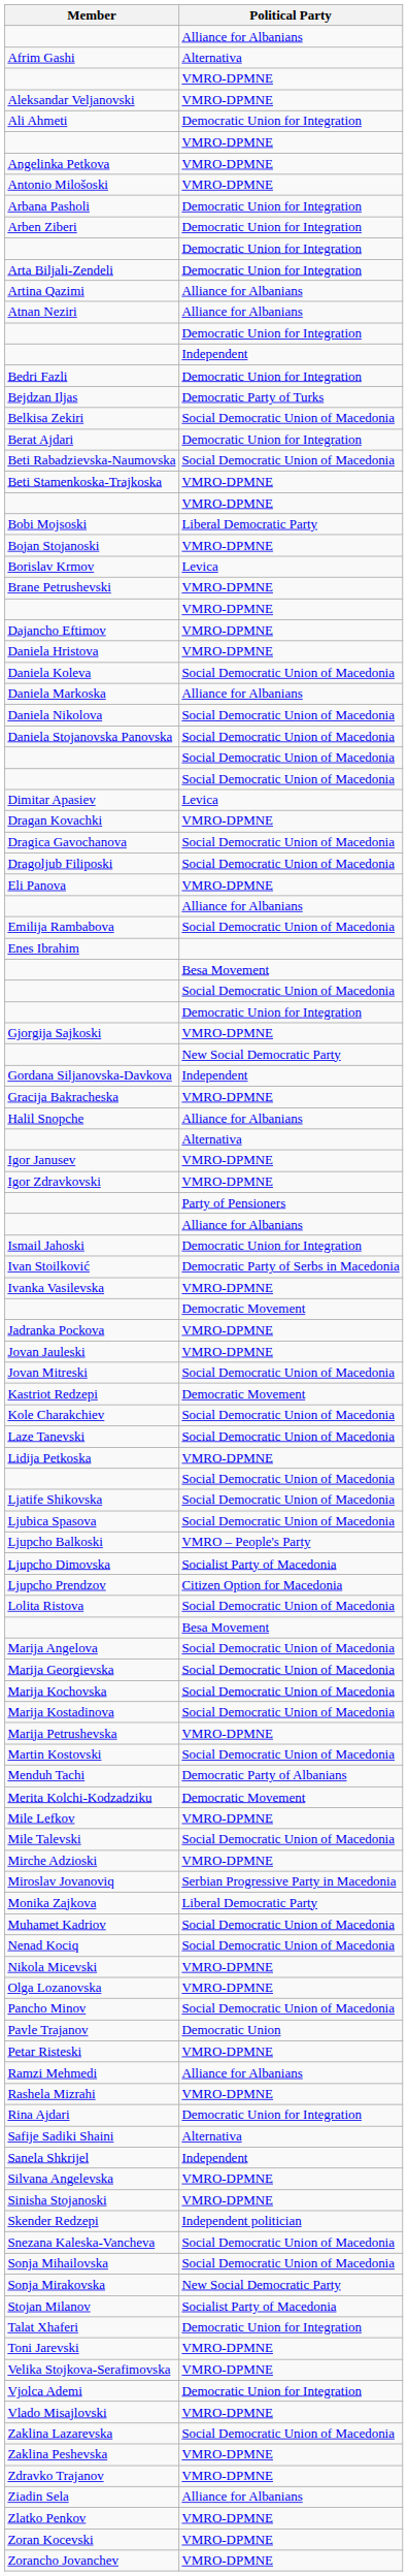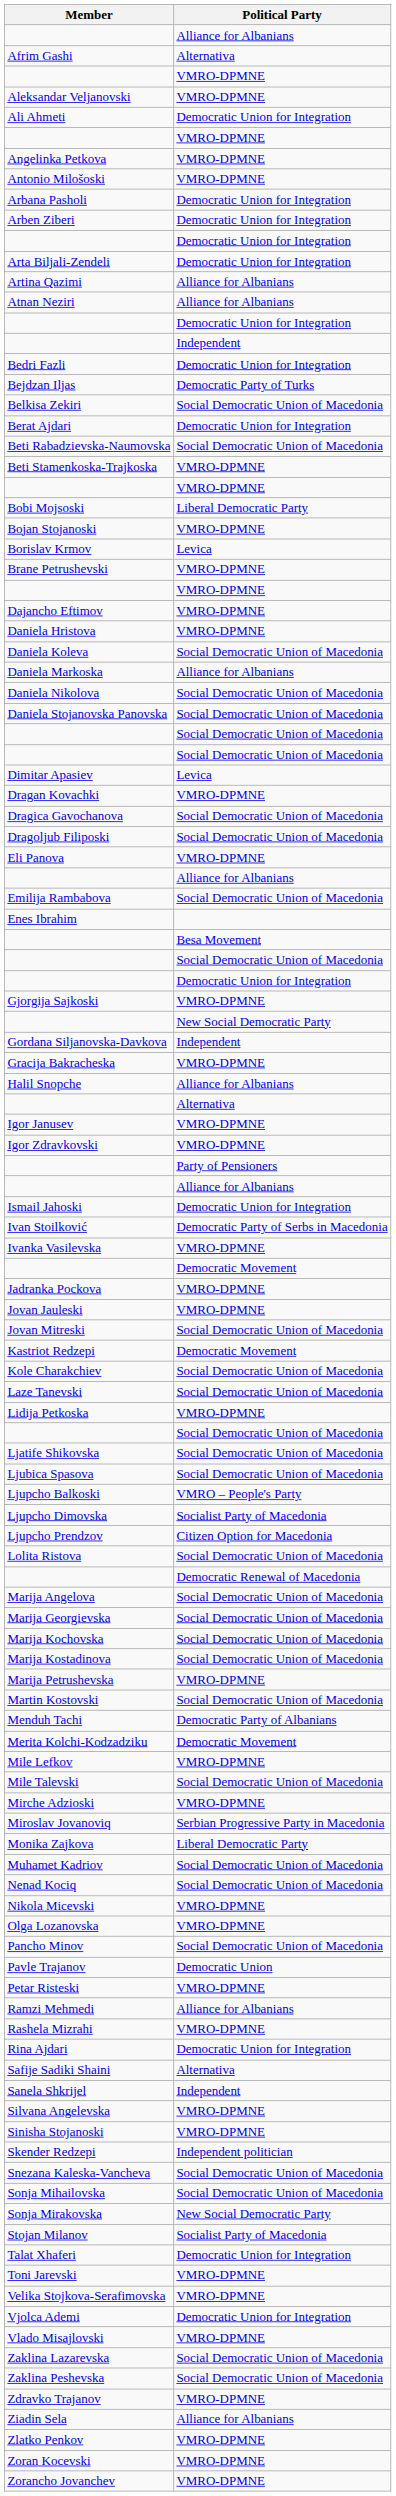 <table class="wikitable sortable" style="font-size:100%">
 <tr>
 <th>Member</th>
 <th>Political Party</th>
 </tr>
 <tr>
 <td></td>
 <td><a href='#'>Alliance for Albanians</a></td>
 </tr>
 <tr>
 <td><a href='#'>Afrim Gashi</a></td>
 <td><a href='#'>Alternativa</a></td>
 </tr>
 <tr>
 <td></td>
 <td><a href='#'>VMRO-DPMNE</a></td>
 </tr>
 <tr>
 <td><a href='#'>Aleksandar Veljanovski</a></td>
 <td><a href='#'>VMRO-DPMNE</a></td>
 </tr>
 <tr>
 <td><a href='#'>Ali Ahmeti</a></td>
 <td><a href='#'>Democratic Union for Integration</a></td>
 </tr>
 <tr>
 <td></td>
 <td><a href='#'>VMRO-DPMNE</a></td>
 </tr>
 <tr>
 <td><a href='#'>Angelinka Petkova</a></td>
 <td><a href='#'>VMRO-DPMNE</a></td>
 </tr>
 <tr>
 <td><a href='#'>Antonio Milošoski</a></td>
 <td><a href='#'>VMRO-DPMNE</a></td>
 </tr>
 <tr>
 <td><a href='#'>Arbana Pasholi</a></td>
 <td><a href='#'>Democratic Union for Integration</a></td>
 </tr>
 <tr>
 <td><a href='#'>Arben Ziberi</a></td>
 <td><a href='#'>Democratic Union for Integration</a></td>
 </tr>
 <tr>
 <td></td>
 <td><a href='#'>Democratic Union for Integration</a></td>
 </tr>
 <tr>
 <td><a href='#'>Arta Biljali-Zendeli</a></td>
 <td><a href='#'>Democratic Union for Integration</a></td>
 </tr>
 <tr>
 <td><a href='#'>Artina Qazimi</a></td>
 <td><a href='#'>Alliance for Albanians</a></td>
 </tr>
 <tr>
 <td><a href='#'>Atnan Neziri</a></td>
 <td><a href='#'>Alliance for Albanians</a></td>
 </tr>
 <tr>
 <td></td>
 <td><a href='#'>Democratic Union for Integration</a></td>
 </tr>
 <tr>
 <td></td>
 <td><a href='#'>Independent</a></td>
 </tr>
 <tr>
 <td><a href='#'>Bedri Fazli</a></td>
 <td><a href='#'>Democratic Union for Integration</a></td>
 </tr>
 <tr>
 <td><a href='#'>Bejdzan Iljas</a></td>
 <td><a href='#'>Democratic Party of Turks</a></td>
 </tr>
 <tr>
 <td><a href='#'>Belkisa Zekiri</a></td>
 <td><a href='#'>Social Democratic Union of Macedonia</a></td>
 </tr>
 <tr>
 <td><a href='#'>Berat Ajdari</a></td>
 <td><a href='#'>Democratic Union for Integration</a></td>
 </tr>
 <tr>
 <td><a href='#'>Beti Rabadzievska-Naumovska</a></td>
 <td><a href='#'>Social Democratic Union of Macedonia</a></td>
 </tr>
 <tr>
 <td><a href='#'>Beti Stamenkoska-Trajkoska</a></td>
 <td><a href='#'>VMRO-DPMNE</a></td>
 </tr>
 <tr>
 <td></td>
 <td><a href='#'>VMRO-DPMNE</a></td>
 </tr>
 <tr>
 <td><a href='#'>Bobi Mojsoski</a></td>
 <td><a href='#'>Liberal Democratic Party</a></td>
 </tr>
 <tr>
 <td><a href='#'>Bojan Stojanoski</a></td>
 <td><a href='#'>VMRO-DPMNE</a></td>
 </tr>
 <tr>
 <td><a href='#'>Borislav Krmov</a></td>
 <td><a href='#'>Levica</a></td>
 </tr>
 <tr>
 <td><a href='#'>Brane Petrushevski</a></td>
 <td><a href='#'>VMRO-DPMNE</a></td>
 </tr>
 <tr>
 <td></td>
 <td><a href='#'>VMRO-DPMNE</a></td>
 </tr>
 <tr>
 <td><a href='#'>Dajancho Eftimov</a></td>
 <td><a href='#'>VMRO-DPMNE</a></td>
 </tr>
 <tr>
 <td><a href='#'>Daniela Hristova</a></td>
 <td><a href='#'>VMRO-DPMNE</a></td>
 </tr>
 <tr>
 <td><a href='#'>Daniela Koleva</a></td>
 <td><a href='#'>Social Democratic Union of Macedonia</a></td>
 </tr>
 <tr>
 <td><a href='#'>Daniela Markoska</a></td>
 <td><a href='#'>Alliance for Albanians</a></td>
 </tr>
 <tr>
 <td><a href='#'>Daniela Nikolova</a></td>
 <td><a href='#'>Social Democratic Union of Macedonia</a></td>
 </tr>
 <tr>
 <td><a href='#'>Daniela Stojanovska Panovska</a></td>
 <td><a href='#'>Social Democratic Union of Macedonia</a></td>
 </tr>
 <tr>
 <td></td>
 <td><a href='#'>Social Democratic Union of Macedonia</a></td>
 </tr>
 <tr>
 <td></td>
 <td><a href='#'>Social Democratic Union of Macedonia</a></td>
 </tr>
 <tr>
 <td><a href='#'>Dimitar Apasiev</a></td>
 <td><a href='#'>Levica</a></td>
 </tr>
 <tr>
 <td><a href='#'>Dragan Kovachki</a></td>
 <td><a href='#'>VMRO-DPMNE</a></td>
 </tr>
 <tr>
 <td><a href='#'>Dragica Gavochanova</a></td>
 <td><a href='#'>Social Democratic Union of Macedonia</a></td>
 </tr>
 <tr>
 <td><a href='#'>Dragoljub Filiposki</a></td>
 <td><a href='#'>Social Democratic Union of Macedonia</a></td>
 </tr>
 <tr>
 <td><a href='#'>Eli Panova</a></td>
 <td><a href='#'>VMRO-DPMNE</a></td>
 </tr>
 <tr>
 <td></td>
 <td><a href='#'>Alliance for Albanians</a></td>
 </tr>
 <tr>
 <td><a href='#'>Emilija Rambabova</a></td>
 <td><a href='#'>Social Democratic Union of Macedonia</a></td>
 </tr>
 <tr>
 <td><a href='#'>Enes Ibrahim</a></td>
 <td></td>
 </tr>
 <tr>
 <td></td>
 <td><a href='#'>Besa Movement</a></td>
 </tr>
 <tr>
 <td></td>
 <td><a href='#'>Social Democratic Union of Macedonia</a></td>
 </tr>
 <tr>
 <td></td>
 <td><a href='#'>Democratic Union for Integration</a></td>
 </tr>
 <tr>
 <td><a href='#'>Gjorgija Sajkoski</a></td>
 <td><a href='#'>VMRO-DPMNE</a></td>
 </tr>
 <tr>
 <td></td>
 <td><a href='#'>New Social Democratic Party</a></td>
 </tr>
 <tr>
 <td><a href='#'>Gordana Siljanovska-Davkova</a></td>
 <td><a href='#'>Independent</a></td>
 </tr>
 <tr>
 <td><a href='#'>Gracija Bakracheska</a></td>
 <td><a href='#'>VMRO-DPMNE</a></td>
 </tr>
 <tr>
 <td><a href='#'>Halil Snopche</a></td>
 <td><a href='#'>Alliance for Albanians</a></td>
 </tr>
 <tr>
 <td></td>
 <td><a href='#'>Alternativa</a></td>
 </tr>
 <tr>
 <td><a href='#'>Igor Janusev</a></td>
 <td><a href='#'>VMRO-DPMNE</a></td>
 </tr>
 <tr>
 <td><a href='#'>Igor Zdravkovski</a></td>
 <td><a href='#'>VMRO-DPMNE</a></td>
 </tr>
 <tr>
 <td></td>
 <td><a href='#'>Party of Pensioners</a></td>
 </tr>
 <tr>
 <td></td>
 <td><a href='#'>Alliance for Albanians</a></td>
 </tr>
 <tr>
 <td><a href='#'>Ismail Jahoski</a></td>
 <td><a href='#'>Democratic Union for Integration</a></td>
 </tr>
 <tr>
 <td><a href='#'>Ivan Stoilković</a></td>
 <td><a href='#'>Democratic Party of Serbs in Macedonia</a></td>
 </tr>
 <tr>
 <td><a href='#'>Ivanka Vasilevska</a></td>
 <td><a href='#'>VMRO-DPMNE</a></td>
 </tr>
 <tr>
 <td></td>
 <td><a href='#'>Democratic Movement</a></td>
 </tr>
 <tr>
 <td><a href='#'>Jadranka Pockova</a></td>
 <td><a href='#'>VMRO-DPMNE</a></td>
 </tr>
 <tr>
 <td><a href='#'>Jovan Jauleski</a></td>
 <td><a href='#'>VMRO-DPMNE</a></td>
 </tr>
 <tr>
 <td><a href='#'>Jovan Mitreski</a></td>
 <td><a href='#'>Social Democratic Union of Macedonia</a></td>
 </tr>
 <tr>
 <td><a href='#'>Kastriot Redzepi</a></td>
 <td><a href='#'>Democratic Movement</a></td>
 </tr>
 <tr>
 <td><a href='#'>Kole Charakchiev</a></td>
 <td><a href='#'>Social Democratic Union of Macedonia</a></td>
 </tr>
 <tr>
 <td><a href='#'>Laze Tanevski</a></td>
 <td><a href='#'>Social Democratic Union of Macedonia</a></td>
 </tr>
 <tr>
 <td><a href='#'>Lidija Petkoska</a></td>
 <td><a href='#'>VMRO-DPMNE</a></td>
 </tr>
 <tr>
 <td></td>
 <td><a href='#'>Social Democratic Union of Macedonia</a></td>
 </tr>
 <tr>
 <td><a href='#'>Ljatife Shikovska</a></td>
 <td><a href='#'>Social Democratic Union of Macedonia</a></td>
 </tr>
 <tr>
 <td><a href='#'>Ljubica Spasova</a></td>
 <td><a href='#'>Social Democratic Union of Macedonia</a></td>
 </tr>
 <tr>
 <td><a href='#'>Ljupcho Balkoski</a></td>
 <td><a href='#'>VMRO – People's Party</a></td>
 </tr>
 <tr>
 <td><a href='#'>Ljupcho Dimovska</a></td>
 <td><a href='#'>Socialist Party of Macedonia</a></td>
 </tr>
 <tr>
 <td><a href='#'>Ljupcho Prendzov</a></td>
 <td><a href='#'>Citizen Option for Macedonia</a></td>
 </tr>
 <tr>
 <td><a href='#'>Lolita Ristova</a></td>
 <td><a href='#'>Social Democratic Union of Macedonia</a></td>
 </tr>
 <tr>
 <td></td>
-<td><a href='#'>Besa Movement</a></td>
+<td><a href='#'>Democratic Renewal of Macedonia</a></td>
 </tr>
 <tr>
 <td><a href='#'>Marija Angelova</a></td>
 <td><a href='#'>Social Democratic Union of Macedonia</a></td>
 </tr>
 <tr>
 <td><a href='#'>Marija Georgievska</a></td>
 <td><a href='#'>Social Democratic Union of Macedonia</a></td>
 </tr>
 <tr>
 <td><a href='#'>Marija Kochovska</a></td>
 <td><a href='#'>Social Democratic Union of Macedonia</a></td>
 </tr>
 <tr>
 <td><a href='#'>Marija Kostadinova</a></td>
 <td><a href='#'>Social Democratic Union of Macedonia</a></td>
 </tr>
 <tr>
 <td><a href='#'>Marija Petrushevska</a></td>
 <td><a href='#'>VMRO-DPMNE</a></td>
 </tr>
 <tr>
 <td><a href='#'>Martin Kostovski</a></td>
 <td><a href='#'>Social Democratic Union of Macedonia</a></td>
 </tr>
 <tr>
 <td><a href='#'>Menduh Tachi</a></td>
 <td><a href='#'>Democratic Party of Albanians</a></td>
 </tr>
 <tr>
 <td><a href='#'>Merita Kolchi-Kodzadziku</a></td>
 <td><a href='#'>Democratic Movement</a></td>
 </tr>
 <tr>
 <td><a href='#'>Mile Lefkov</a></td>
 <td><a href='#'>VMRO-DPMNE</a></td>
 </tr>
 <tr>
 <td><a href='#'>Мile Talevski</a></td>
 <td><a href='#'>Social Democratic Union of Macedonia</a></td>
 </tr>
 <tr>
 <td><a href='#'>Mirche Adzioski</a></td>
 <td><a href='#'>VMRO-DPMNE</a></td>
 </tr>
 <tr>
 <td><a href='#'>Miroslav Jovanoviq</a></td>
 <td><a href='#'>Serbian Progressive Party in Macedonia</a></td>
 </tr>
 <tr>
 <td><a href='#'>Monika Zajkova</a></td>
 <td><a href='#'>Liberal Democratic Party</a></td>
 </tr>
 <tr>
 <td><a href='#'>Muhamet Kadriov</a></td>
 <td><a href='#'>Social Democratic Union of Macedonia</a></td>
 </tr>
 <tr>
 <td><a href='#'>Nenad Kociq</a></td>
 <td><a href='#'>Social Democratic Union of Macedonia</a></td>
 </tr>
 <tr>
 <td><a href='#'>Nikola Micevski</a></td>
 <td><a href='#'>VMRO-DPMNE</a></td>
 </tr>
 <tr>
 <td><a href='#'>Olga Lozanovska</a></td>
 <td><a href='#'>VMRO-DPMNE</a></td>
 </tr>
 <tr>
 <td><a href='#'>Pancho Minov</a></td>
 <td><a href='#'>Social Democratic Union of Macedonia</a></td>
 </tr>
 <tr>
 <td><a href='#'>Pavle Trajanov</a></td>
 <td><a href='#'>Democratic Union</a></td>
 </tr>
 <tr>
 <td><a href='#'>Petar Risteski</a></td>
 <td><a href='#'>VMRO-DPMNE</a></td>
 </tr>
 <tr>
 <td><a href='#'>Ramzi Mehmedi</a></td>
 <td><a href='#'>Alliance for Albanians</a></td>
 </tr>
 <tr>
 <td><a href='#'>Rashela Mizrahi</a></td>
 <td><a href='#'>VMRO-DPMNE</a></td>
 </tr>
 <tr>
 <td><a href='#'>Rina Ajdari</a></td>
 <td><a href='#'>Democratic Union for Integration</a></td>
 </tr>
 <tr>
 <td><a href='#'>Safije Sadiki Shaini</a></td>
 <td><a href='#'>Alternativa</a></td>
 </tr>
 <tr>
 <td><a href='#'>Sanela Shkrijel</a></td>
 <td><a href='#'>Independent</a></td>
 </tr>
 <tr>
 <td><a href='#'>Silvana Angelevska</a></td>
 <td><a href='#'>VMRO-DPMNE</a></td>
 </tr>
 <tr>
 <td><a href='#'>Sinisha Stojanoski</a></td>
 <td><a href='#'>VMRO-DPMNE</a></td>
 </tr>
 <tr>
 <td><a href='#'>Skender Redzepi</a></td>
 <td><a href='#'>Independent politician</a></td>
 </tr>
 <tr>
 <td><a href='#'>Snezana Kaleska-Vancheva</a></td>
 <td><a href='#'>Social Democratic Union of Macedonia</a></td>
 </tr>
 <tr>
 <td><a href='#'>Sonja Mihailovska</a></td>
 <td><a href='#'>Social Democratic Union of Macedonia</a></td>
 </tr>
 <tr>
 <td><a href='#'>Sonja Mirakovska</a></td>
 <td><a href='#'>New Social Democratic Party</a></td>
 </tr>
 <tr>
 <td><a href='#'>Stojan Milanov</a></td>
 <td><a href='#'>Socialist Party of Macedonia</a></td>
 </tr>
 <tr>
 <td><a href='#'>Talat Xhaferi</a></td>
 <td><a href='#'>Democratic Union for Integration</a></td>
 </tr>
 <tr>
 <td><a href='#'>Toni Jarevski</a></td>
 <td><a href='#'>VMRO-DPMNE</a></td>
 </tr>
 <tr>
 <td><a href='#'>Velika Stojkova-Serafimovska</a></td>
 <td><a href='#'>VMRO-DPMNE</a></td>
 </tr>
 <tr>
 <td><a href='#'>Vjolca Ademi</a></td>
 <td><a href='#'>Democratic Union for Integration</a></td>
 </tr>
 <tr>
 <td><a href='#'>Vlado Misajlovski</a></td>
 <td><a href='#'>VMRO-DPMNE</a></td>
 </tr>
 <tr>
 <td><a href='#'>Zaklina Lazarevska</a></td>
 <td><a href='#'>Social Democratic Union of Macedonia</a></td>
 </tr>
 <tr>
 <td><a href='#'>Zaklina Peshevska</a></td>
-<td><a href='#'>VMRO-DPMNE</a></td>
+<td><a href='#'>Social Democratic Union of Macedonia</a></td>
 </tr>
 <tr>
 <td><a href='#'>Zdravko Trajanov</a></td>
 <td><a href='#'>VMRO-DPMNE</a></td>
 </tr>
 <tr>
 <td><a href='#'>Ziadin Sela</a></td>
 <td><a href='#'>Alliance for Albanians</a></td>
 </tr>
 <tr>
 <td><a href='#'>Zlatko Penkov</a></td>
 <td><a href='#'>VMRO-DPMNE</a></td>
 </tr>
 <tr>
 <td><a href='#'>Zoran Kocevski</a></td>
 <td><a href='#'>VMRO-DPMNE</a></td>
 </tr>
 <tr>
 <td><a href='#'>Zorancho Jovanchev</a></td>
 <td><a href='#'>VMRO-DPMNE</a></td>
 </tr>
 </table>
